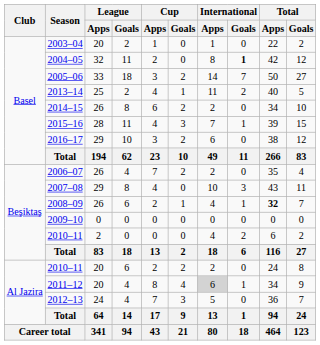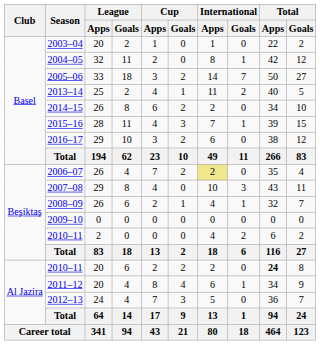 <table class="wikitable" style="text-align: center;">
 <tr>
 <th rowspan="2">Club</th>
 <th rowspan="2">Season</th>
 <th colspan="2">League</th>
 <th colspan="2">Cup</th>
 <th colspan="2">International</th>
 <th colspan="2">Total</th>
 </tr>
 <tr>
 <th>Apps</th>
 <th>Goals</th>
 <th>Apps</th>
 <th>Goals</th>
 <th>Apps</th>
 <th>Goals</th>
 <th>Apps</th>
 <th>Goals</th>
 </tr>
 <tr>
 <td rowspan="8"><a href='#'>Basel</a></td>
 <td><a href='#'>2003–04</a></td>
 <td>20</td>
 <td>2</td>
 <td>1</td>
 <td>0</td>
 <td>1</td>
 <td>0</td>
 <td>22</td>
 <td>2</td>
 </tr>
 <tr>
 <td><a href='#'>2004–05</a></td>
 <td>32</td>
 <td>11</td>
 <td>2</td>
 <td>0</td>
 <td>8</td>
-<td><strong>1</strong></td>
+<td>1</td>
 <td>42</td>
 <td>12</td>
 </tr>
 <tr>
 <td><a href='#'>2005–06</a></td>
 <td>33</td>
 <td>18</td>
 <td>3</td>
 <td>2</td>
 <td>14</td>
 <td>7</td>
 <td>50</td>
 <td>27</td>
 </tr>
 <tr>
 <td><a href='#'>2013–14</a></td>
 <td>25</td>
 <td>2</td>
 <td>4</td>
 <td>1</td>
 <td>11</td>
 <td>2</td>
 <td>40</td>
 <td>5</td>
 </tr>
 <tr>
 <td><a href='#'>2014–15</a></td>
 <td>26</td>
 <td>8</td>
 <td>6</td>
 <td>2</td>
 <td>2</td>
 <td>0</td>
 <td>34</td>
 <td>10</td>
 </tr>
 <tr>
 <td><a href='#'>2015–16</a></td>
 <td>28</td>
 <td>11</td>
 <td>4</td>
 <td>3</td>
 <td>7</td>
 <td>1</td>
 <td>39</td>
 <td>15</td>
 </tr>
 <tr>
 <td><a href='#'>2016–17</a></td>
 <td>29</td>
 <td>10</td>
 <td>3</td>
 <td>2</td>
 <td>6</td>
 <td>0</td>
 <td>38</td>
 <td>12</td>
 </tr>
 <tr>
 <th colspan="1">Total</th>
 <th>194</th>
 <th>62</th>
 <th>23</th>
 <th>10</th>
 <th>49</th>
 <th>11</th>
 <th>266</th>
 <th>83</th>
 </tr>
 <tr>
 <td rowspan="6"><a href='#'>Beşiktaş</a></td>
 <td><a href='#'>2006–07</a></td>
 <td>26</td>
 <td>4</td>
 <td>7</td>
 <td>2</td>
-<td>2</td>
+<td style="background: khaki;">2</td>
 <td>0</td>
 <td>35</td>
 <td>4</td>
 </tr>
 <tr>
 <td><a href='#'>2007–08</a></td>
 <td>29</td>
 <td>8</td>
 <td>4</td>
 <td>0</td>
 <td>10</td>
 <td>3</td>
 <td>43</td>
 <td>11</td>
 </tr>
 <tr>
 <td><a href='#'>2008–09</a></td>
 <td>26</td>
 <td>6</td>
 <td>2</td>
 <td>1</td>
 <td>4</td>
 <td>1</td>
-<td><strong>32</strong></td>
+<td>32</td>
 <td>7</td>
 </tr>
 <tr>
 <td><a href='#'>2009–10</a></td>
 <td>0</td>
 <td>0</td>
 <td>0</td>
 <td>0</td>
 <td>0</td>
 <td>0</td>
 <td>0</td>
 <td>0</td>
 </tr>
 <tr>
 <td><a href='#'>2010–11</a></td>
 <td>2</td>
 <td>0</td>
 <td>0</td>
 <td>0</td>
 <td>4</td>
 <td>2</td>
 <td>6</td>
 <td>2</td>
 </tr>
 <tr>
 <th colspan="1">Total</th>
 <th>83</th>
 <th>18</th>
 <th>13</th>
 <th>2</th>
 <th>18</th>
 <th>6</th>
 <th>116</th>
 <th>27</th>
 </tr>
 <tr>
 <td rowspan="4"><a href='#'>Al Jazira</a></td>
 <td><a href='#'>2010–11</a></td>
 <td>20</td>
 <td>6</td>
 <td>2</td>
 <td>2</td>
 <td>2</td>
 <td>0</td>
-<td>24</td>
+<td><strong>24</strong></td>
 <td>8</td>
 </tr>
 <tr>
 <td><a href='#'>2011–12</a></td>
 <td>20</td>
 <td>4</td>
 <td>8</td>
 <td>4</td>
-<td style="background: lightgrey;">6</td>
+<td>6</td>
 <td>1</td>
 <td>34</td>
 <td>9</td>
 </tr>
 <tr>
 <td><a href='#'>2012–13</a></td>
 <td>24</td>
 <td>4</td>
 <td>7</td>
 <td>3</td>
 <td>5</td>
 <td>0</td>
 <td>36</td>
 <td>7</td>
 </tr>
 <tr>
 <th colspan="1">Total</th>
 <th>64</th>
 <th>14</th>
 <th>17</th>
 <th>9</th>
 <th>13</th>
 <th>1</th>
 <th>94</th>
 <th>24</th>
 </tr>
 <tr>
 <th colspan="2">Career total</th>
 <th>341</th>
 <th>94</th>
 <th>43</th>
 <th>21</th>
 <th>80</th>
 <th>18</th>
 <th>464</th>
 <th>123</th>
 </tr>
 </table>
